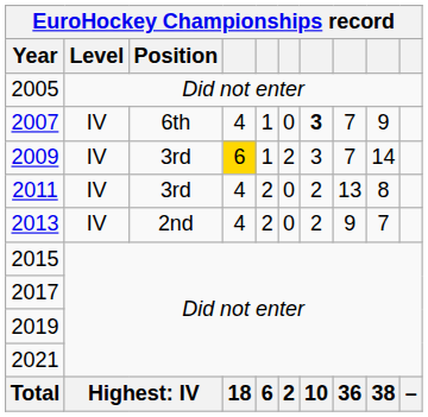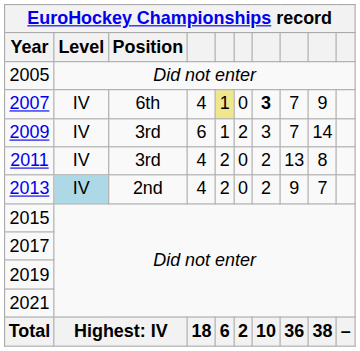 <table class="wikitable" style="text-align: center;">
 <tr>
 <th colspan=11><a href='#'>EuroHockey Championships</a> record</th>
 </tr>
 <tr>
 <th>Year</th>
 <th>Level</th>
 <th>Position</th>
 <th></th>
 <th></th>
 <th></th>
 <th></th>
 <th></th>
 <th></th>
 <th></th>
 </tr>
 <tr>
 <td>2005</td>
 <td colspan=9><em>Did not enter</em></td>
 </tr>
 <tr>
 <td> <a href='#'>2007</a></td>
 <td>IV</td>
 <td>6th</td>
 <td>4</td>
-<td>1</td>
+<td style="background: khaki;">1</td>
 <td>0</td>
 <td><strong>3</strong></td>
 <td>7</td>
 <td>9</td>
 <td></td>
 </tr>
 <tr>
 <td> <a href='#'>2009</a></td>
 <td>IV</td>
 <td>3rd</td>
-<td style="background: gold;">6</td>
+<td>6</td>
 <td>1</td>
 <td>2</td>
 <td>3</td>
 <td>7</td>
 <td>14</td>
 <td></td>
 </tr>
 <tr>
 <td> <a href='#'>2011</a></td>
 <td>IV</td>
 <td>3rd</td>
 <td>4</td>
 <td>2</td>
 <td>0</td>
 <td>2</td>
 <td>13</td>
 <td>8</td>
 <td></td>
 </tr>
 <tr>
 <td> <a href='#'>2013</a></td>
-<td>IV</td>
+<td style="background: lightblue;">IV</td>
 <td>2nd</td>
 <td>4</td>
 <td>2</td>
 <td>0</td>
 <td>2</td>
 <td>9</td>
 <td>7</td>
 <td></td>
 </tr>
 <tr>
 <td>2015</td>
 <td colspan=9 rowspan=4><em>Did not enter</em></td>
 </tr>
 <tr>
 <td>2017</td>
 </tr>
 <tr>
 <td>2019</td>
 </tr>
 <tr>
 <td>2021</td>
 </tr>
 <tr>
 <th>Total</th>
 <th colspan=2>Highest: IV</th>
 <th>18</th>
 <th>6</th>
 <th>2</th>
 <th>10</th>
 <th>36</th>
 <th>38</th>
 <th>–</th>
 </tr>
 </table>
